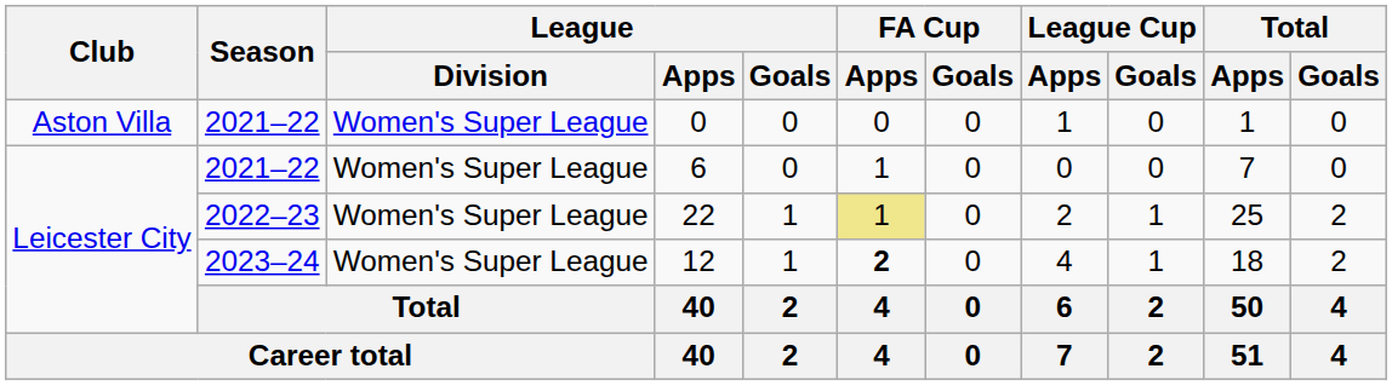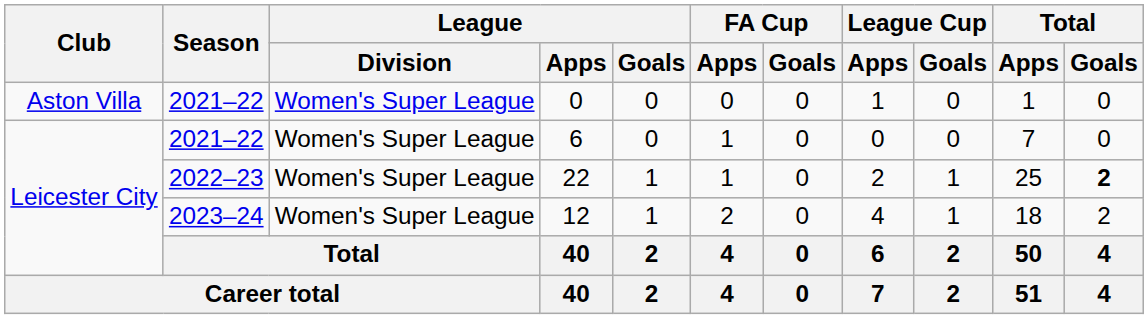 <table class="wikitable" style="text-align:center">
 <tr>
 <th rowspan="2">Club</th>
 <th rowspan="2">Season</th>
 <th colspan="3">League</th>
 <th colspan="2">FA Cup</th>
 <th colspan="2">League Cup</th>
 <th colspan="2">Total</th>
 </tr>
 <tr>
 <th>Division</th>
 <th>Apps</th>
 <th>Goals</th>
 <th>Apps</th>
 <th>Goals</th>
 <th>Apps</th>
 <th>Goals</th>
 <th>Apps</th>
 <th>Goals</th>
 </tr>
 <tr>
 <td><a href='#'>Aston Villa</a></td>
 <td><a href='#'>2021–22</a></td>
 <td><a href='#'>Women's Super League</a></td>
 <td>0</td>
 <td>0</td>
 <td>0</td>
 <td>0</td>
 <td>1</td>
 <td>0</td>
 <td>1</td>
 <td>0</td>
 </tr>
 <tr>
 <td rowspan="4"><a href='#'>Leicester City</a></td>
 <td><a href='#'>2021–22</a></td>
 <td>Women's Super League</td>
 <td>6</td>
 <td>0</td>
 <td>1</td>
 <td>0</td>
 <td>0</td>
 <td>0</td>
 <td>7</td>
 <td>0</td>
 </tr>
 <tr>
 <td><a href='#'>2022–23</a></td>
 <td>Women's Super League</td>
 <td>22</td>
 <td>1</td>
-<td style="background: khaki;">1</td>
+<td>1</td>
 <td>0</td>
 <td>2</td>
 <td>1</td>
 <td>25</td>
-<td>2</td>
+<td><strong>2</strong></td>
 </tr>
 <tr>
 <td><a href='#'>2023–24</a></td>
 <td>Women's Super League</td>
 <td>12</td>
 <td>1</td>
-<td><strong>2</strong></td>
+<td>2</td>
 <td>0</td>
 <td>4</td>
 <td>1</td>
 <td>18</td>
 <td>2</td>
 </tr>
 <tr>
 <th colspan="2">Total</th>
 <th>40</th>
 <th>2</th>
 <th>4</th>
 <th>0</th>
 <th>6</th>
 <th>2</th>
 <th>50</th>
 <th>4</th>
 </tr>
 <tr>
 <th colspan="3">Career total</th>
 <th>40</th>
 <th>2</th>
 <th>4</th>
 <th>0</th>
 <th>7</th>
 <th>2</th>
 <th>51</th>
 <th>4</th>
 </tr>
 </table>
